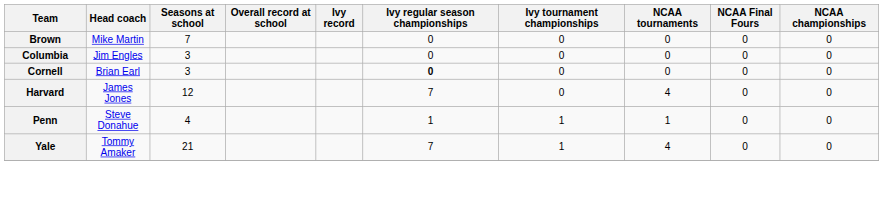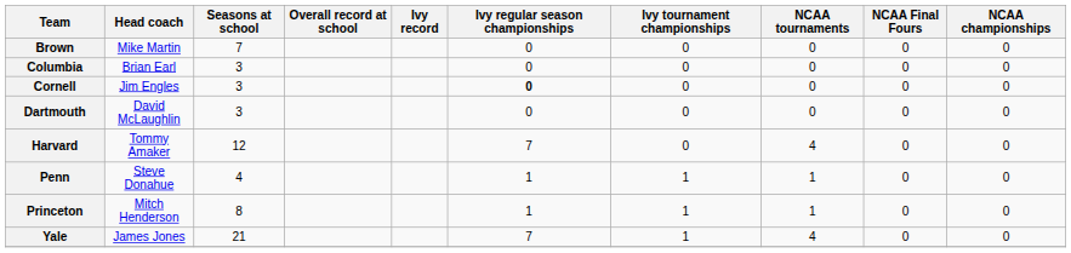 <table class="wikitable sortable" style="text-align: center;font-size:90%;">
 <tr>
 <th width="110">Team</th>
 <th>Head coach</th>
 <th>Seasons at school</th>
 <th>Overall record at school</th>
 <th>Ivy record</th>
 <th>Ivy regular season championships</th>
 <th>Ivy tournament championships</th>
 <th>NCAA tournaments</th>
 <th>NCAA Final Fours</th>
 <th>NCAA championships</th>
 </tr>
 <tr>
 <th>Brown</th>
 <td><a href='#'>Mike Martin</a></td>
 <td>7</td>
 <td></td>
 <td></td>
 <td>0</td>
 <td>0</td>
 <td>0</td>
 <td>0</td>
 <td>0</td>
 </tr>
 <tr>
 <th style="background:#">Columbia</th>
-<td><a href='#'>Jim Engles</a></td>
+<td><a href='#'>Brian Earl</a></td>
 <td>3</td>
 <td></td>
 <td></td>
 <td>0</td>
 <td>0</td>
 <td>0</td>
 <td>0</td>
 <td>0</td>
 </tr>
 <tr>
 <th>Cornell</th>
-<td><a href='#'>Brian Earl</a></td>
+<td><a href='#'>Jim Engles</a></td>
 <td>3</td>
 <td></td>
 <td></td>
 <td><strong>0</strong></td>
 <td>0</td>
 <td>0</td>
 <td>0</td>
 <td>0</td>
 </tr>
 <tr>
+<th>Dartmouth</th>
+<td><a href='#'>David McLaughlin</a></td>
+<td>3</td>
+<td></td>
+<td></td>
+<td>0</td>
+<td>0</td>
+<td>0</td>
+<td>0</td>
+<td>0</td>
+</tr>
+<tr>
 <th>Harvard</th>
-<td><a href='#'>James Jones</a></td>
+<td><a href='#'>Tommy Amaker</a></td>
 <td>12</td>
 <td></td>
 <td></td>
 <td>7</td>
 <td>0</td>
 <td>4</td>
 <td>0</td>
 <td>0</td>
 </tr>
 <tr>
 <th>Penn</th>
 <td><a href='#'>Steve Donahue</a></td>
 <td>4</td>
 <td></td>
 <td></td>
 <td>1</td>
 <td>1</td>
 <td>1</td>
 <td>0</td>
 <td>0</td>
 </tr>
 <tr>
+<th>Princeton</th>
+<td><a href='#'>Mitch Henderson</a></td>
+<td>8</td>
+<td></td>
+<td></td>
+<td>1</td>
+<td>1</td>
+<td>1</td>
+<td>0</td>
+<td>0</td>
+</tr>
+<tr>
 <th>Yale</th>
-<td><a href='#'>Tommy Amaker</a></td>
+<td><a href='#'>James Jones</a></td>
 <td>21</td>
 <td></td>
 <td></td>
 <td>7</td>
 <td>1</td>
 <td>4</td>
 <td>0</td>
 <td>0</td>
 </tr>
 <tr>
 </tr>
 </table>
